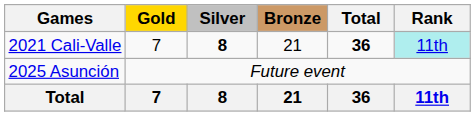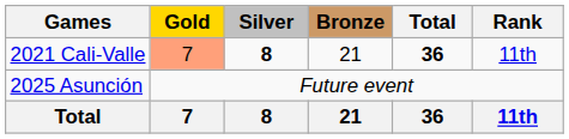 <table class="wikitable" style="text-align:center; font-size:90%;">
 <tr>
 <th>Games</th>
 <td style="background:gold; width:3.2em; font-weight:bold;">Gold</td>
 <td style="background:silver; width:3.7em; font-weight:bold;">Silver</td>
 <td style="background:#c96; width:3.7em; font-weight:bold;">Bronze</td>
 <th style="width:3.5em; font-weight:bold;">Total</th>
 <th style="width:4em; font-weight:bold;">Rank</th>
 </tr>
 <tr>
 <td align=left> <a href='#'>2021 Cali-Valle</a></td>
-<td>7</td>
+<td style="background: lightsalmon;">7</td>
 <td><strong>8</strong></td>
 <td>21</td>
 <td><strong>36</strong></td>
-<td style="background: paleturquoise;"><a href='#'>11th</a></td>
+<td><a href='#'>11th</a></td>
 </tr>
 <tr>
 <td align=left> <a href='#'>2025 Asunción</a></td>
 <td colspan="5"><em>Future event</em></td>
 </tr>
 <tr>
 <th>Total</th>
 <th>7</th>
 <th>8</th>
 <th>21</th>
 <th>36</th>
 <th><a href='#'>11th</a></th>
 </tr>
 </table>
